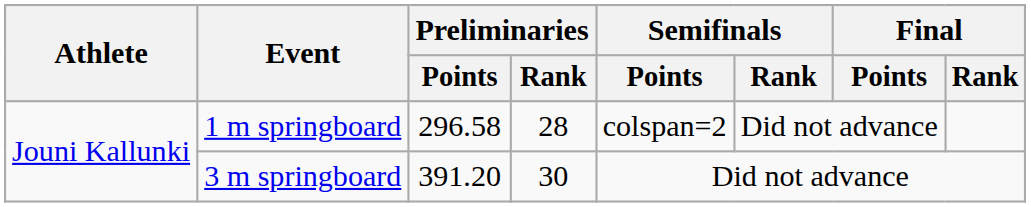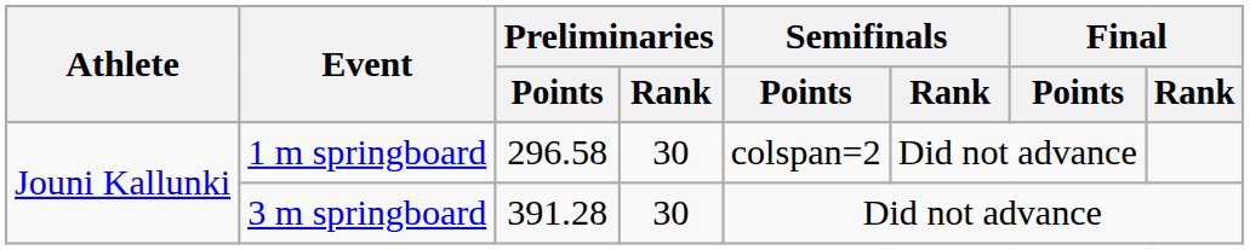 <table class=wikitable style="font-size:90%;">
 <tr>
 <th rowspan="2">Athlete</th>
 <th rowspan="2">Event</th>
 <th colspan="2">Preliminaries</th>
 <th colspan="2">Semifinals</th>
 <th colspan="2">Final</th>
 </tr>
 <tr style="font-size:95%">
 <th>Points</th>
 <th>Rank</th>
 <th>Points</th>
 <th>Rank</th>
 <th>Points</th>
 <th>Rank</th>
 </tr>
 <tr align=center>
 <td align=left rowspan=2><a href='#'>Jouni Kallunki</a></td>
 <td align=left><a href='#'>1 m springboard</a></td>
 <td>296.58</td>
-<td>28</td>
+<td>30</td>
 <td>colspan=2 </td>
 <td colspan=2>Did not advance</td>
 </tr>
 <tr align=center>
 <td align=left><a href='#'>3 m springboard</a></td>
-<td>391.20</td>
+<td>391.28</td>
 <td>30</td>
 <td colspan=4>Did not advance</td>
 </tr>
 </table>
